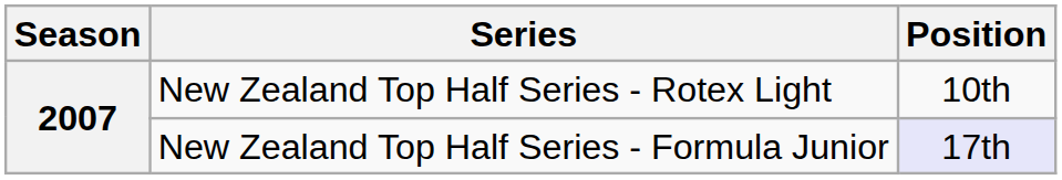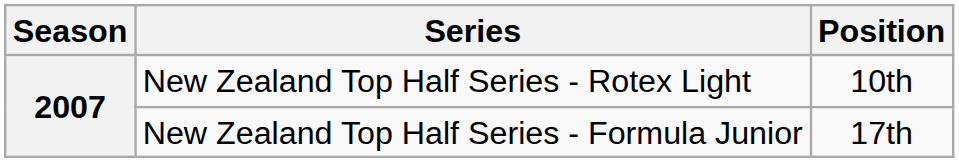 <table class="wikitable" style="font-size: 85%; text-align:center">
 <tr>
 <th>Season</th>
 <th>Series</th>
 <th>Position</th>
 </tr>
 <tr>
 <th rowspan=2>2007</th>
 <td align="left">New Zealand Top Half Series - Rotex Light</td>
 <td>10th</td>
 </tr>
 <tr>
 <td align="left">New Zealand Top Half Series - Formula Junior</td>
-<td style="background: lavender;">17th</td>
+<td>17th</td>
 </tr>
 </table>
